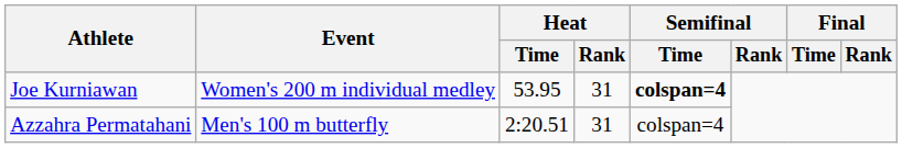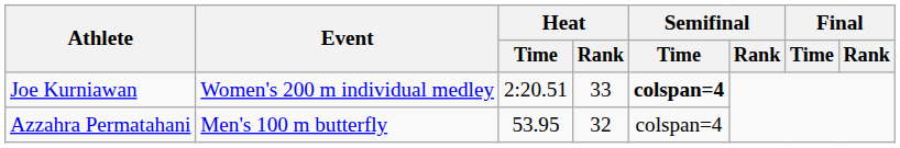 <table class=wikitable style="font-size:90%;">
 <tr>
 <th rowspan=2>Athlete</th>
 <th rowspan=2>Event</th>
 <th colspan=2>Heat</th>
 <th colspan=2>Semifinal</th>
 <th colspan=2>Final</th>
 </tr>
 <tr style="font-size:95%">
 <th>Time</th>
 <th>Rank</th>
 <th>Time</th>
 <th>Rank</th>
 <th>Time</th>
 <th>Rank</th>
 </tr>
 <tr align=center>
 <td align=left><a href='#'>Joe Kurniawan</a></td>
 <td align=left><a href='#'>Women's 200 m individual medley</a></td>
-<td>53.95</td>
-<td>31</td>
+<td>2:20.51</td>
+<td>33</td>
 <td><strong>colspan=4 </strong></td>
 </tr>
 <tr align=center>
 <td align=left><a href='#'>Azzahra Permatahani</a></td>
 <td align=left><a href='#'>Men's 100 m butterfly</a></td>
-<td>2:20.51</td>
-<td>31</td>
+<td>53.95</td>
+<td>32</td>
 <td>colspan=4 </td>
 </tr>
 </table>
